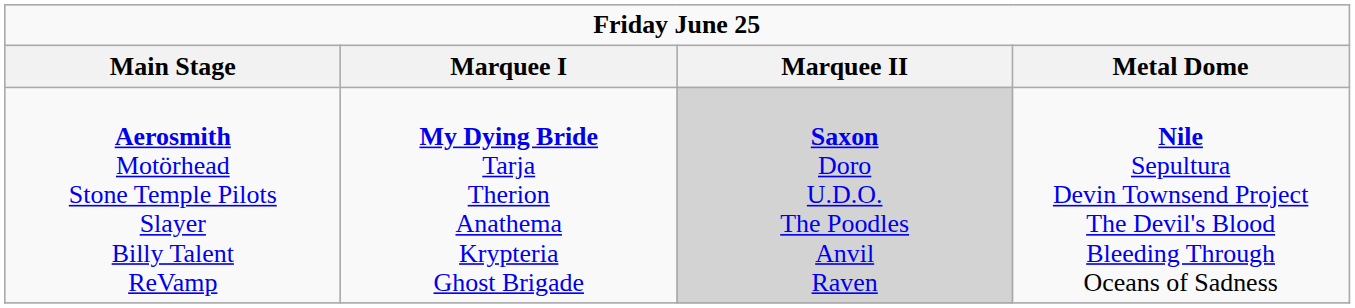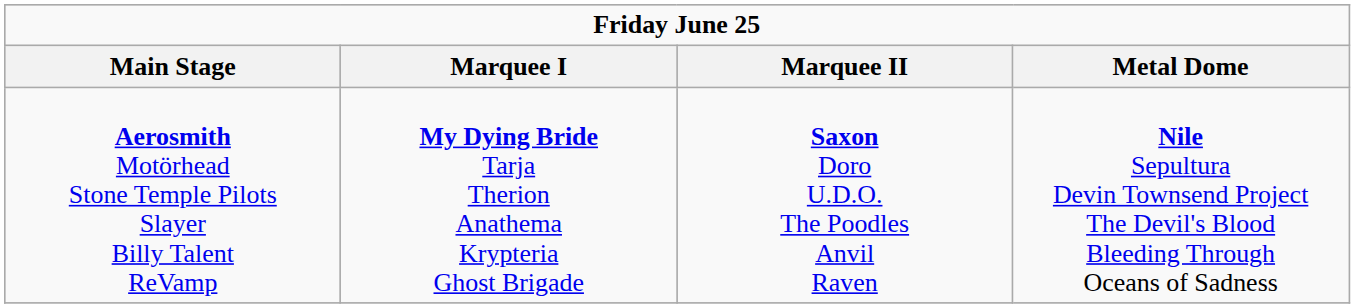 <table class="wikitable">
 <tr>
 <td colspan="4" style="text-align:center;"><strong>Friday June 25</strong></td>
 </tr>
 <tr>
 <th>Main Stage</th>
 <th>Marquee I</th>
 <th>Marquee II</th>
 <th>Metal Dome</th>
 </tr>
 <tr>
 <td style="text-align:center; vertical-align:top; width:200px;"><br><strong><a href='#'>Aerosmith</a></strong> <br> <a href='#'>Motörhead</a> <br> <a href='#'>Stone Temple Pilots</a> <br><a href='#'>Slayer</a> <br><a href='#'>Billy Talent</a> <br><a href='#'>ReVamp</a></td>
 <td style="text-align:center; vertical-align:top; width:200px;"><br><strong><a href='#'>My Dying Bride</a></strong> <br> <a href='#'>Tarja</a> <br><a href='#'>Therion</a> <br><a href='#'>Anathema</a>  <br><a href='#'>Krypteria</a> <br><a href='#'>Ghost Brigade</a></td>
-<td style="background: lightgrey; text-align:center; vertical-align:top; width:200px;"><br><strong><a href='#'>Saxon</a></strong> <br> <a href='#'>Doro</a> <br><a href='#'>U.D.O.</a> <br> <a href='#'>The Poodles</a> <br><a href='#'>Anvil</a>  <br><a href='#'>Raven</a></td>
+<td style="text-align:center; vertical-align:top; width:200px;"><br><strong><a href='#'>Saxon</a></strong> <br> <a href='#'>Doro</a> <br><a href='#'>U.D.O.</a> <br> <a href='#'>The Poodles</a> <br><a href='#'>Anvil</a>  <br><a href='#'>Raven</a></td>
 <td style="text-align:center; vertical-align:top; width:200px;"><br><strong><a href='#'>Nile</a></strong> <br> <a href='#'>Sepultura</a> <br><a href='#'>Devin Townsend Project</a> <br><a href='#'>The Devil's Blood</a> <br><a href='#'>Bleeding Through</a> <br>Oceans of Sadness</td>
 </tr>
 </table>
